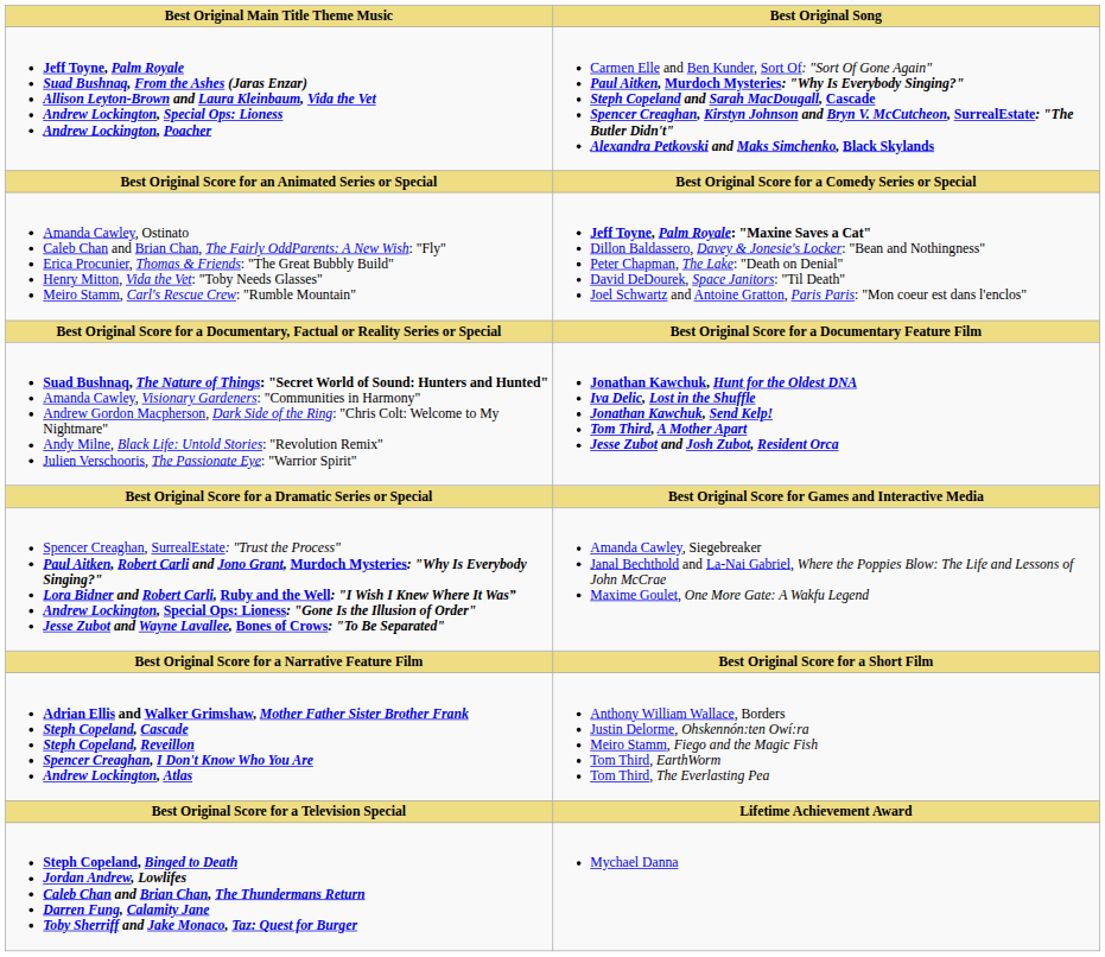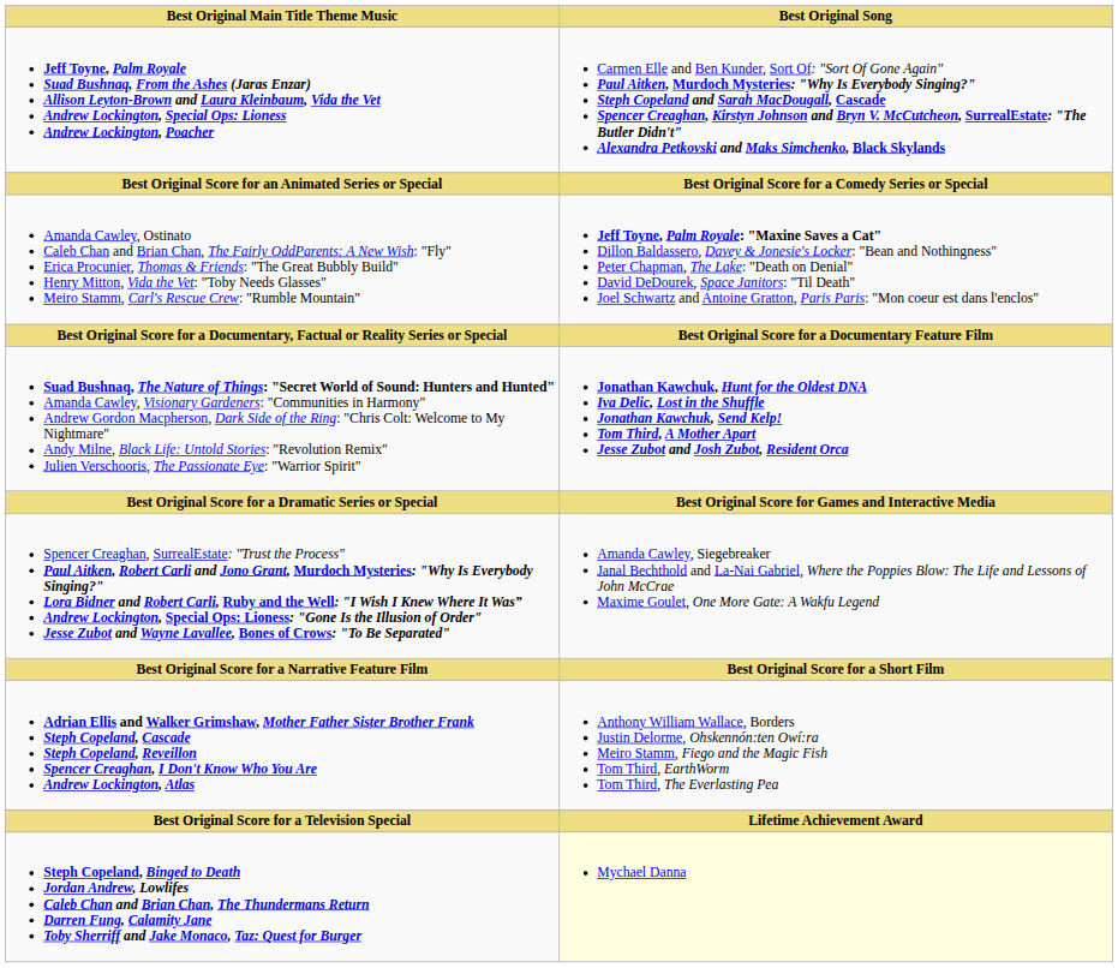 <table class=wikitable width="100%">
 <tr>
 <th style="background:#EEDD82; width:50%">Best Original Main Title Theme Music</th>
 <th style="background:#EEDD82; width:50%">Best Original Song</th>
 </tr>
 <tr>
 <td valign="top"><br><ul><li> <strong><a href='#'>Jeff Toyne</a>, <em><a href='#'>Palm Royale</a><strong><em></li><li><a href='#'>Suad Bushnaq</a>, </em><a href='#'>From the Ashes</a> (Jaras Enzar)<em></li><li><a href='#'>Allison Leyton-Brown</a> and <a href='#'>Laura Kleinbaum</a>, </em><a href='#'>Vida the Vet</a><em></li><li><a href='#'>Andrew Lockington</a>, </em><a href='#'>Special Ops: Lioness</a><em></li><li><a href='#'>Andrew Lockington</a>, </em><a href='#'>Poacher</a><em></li></ul></td>
 <td valign="top"><br><ul><li> </strong><a href='#'>Carmen Elle</a> and <a href='#'>Ben Kunder</a>, </em><a href='#'>Sort Of</a><em>: "Sort Of Gone Again"<strong></li><li><a href='#'>Paul Aitken</a>, </em><a href='#'>Murdoch Mysteries</a><em>: "Why Is Everybody Singing?"</li><li><a href='#'>Steph Copeland</a> and <a href='#'>Sarah MacDougall</a>, </em><a href='#'>Cascade</a><em></li><li><a href='#'>Spencer Creaghan</a>, <a href='#'>Kirstyn Johnson</a> and <a href='#'>Bryn V. McCutcheon</a>, </em><a href='#'>SurrealEstate</a><em>: "The Butler Didn't"</li><li><a href='#'>Alexandra Petkovski</a> and <a href='#'>Maks Simchenko</a>, </em><a href='#'>Black Skylands</a><em></li></ul></td>
 </tr>
 <tr>
 <th style="background:#EEDD82; width:50%">Best Original Score for an Animated Series or Special</th>
 <th style="background:#EEDD82; width:50%">Best Original Score for a Comedy Series or Special</th>
 </tr>
 <tr>
 <td valign="top"><br><ul><li> </strong><a href='#'>Amanda Cawley</a>, </em>Ostinato</em></strong></li><li><a href='#'>Caleb Chan</a> and <a href='#'>Brian Chan</a>, <em><a href='#'>The Fairly OddParents: A New Wish</a></em>: "Fly"</li><li><a href='#'>Erica Procunier</a>, <em><a href='#'>Thomas & Friends</a></em>: "The Great Bubbly Build"</li><li><a href='#'>Henry Mitton</a>, <em><a href='#'>Vida the Vet</a></em>: "Toby Needs Glasses"</li><li><a href='#'>Meiro Stamm</a>, <em><a href='#'>Carl's Rescue Crew</a></em>: "Rumble Mountain"</li></ul></td>
 <td valign="top"><br><ul><li> <strong><a href='#'>Jeff Toyne</a>, <em><a href='#'>Palm Royale</a></em>: "Maxine Saves a Cat"</strong></li><li><a href='#'>Dillon Baldassero</a>, <em><a href='#'>Davey & Jonesie's Locker</a></em>: "Bean and Nothingness"</li><li><a href='#'>Peter Chapman</a>, <em><a href='#'>The Lake</a></em>: "Death on Denial"</li><li><a href='#'>David DeDourek</a>, <em><a href='#'>Space Janitors</a></em>: "Til Death"</li><li><a href='#'>Joel Schwartz</a> and <a href='#'>Antoine Gratton</a>, <em><a href='#'>Paris Paris</a></em>: "Mon coeur est dans l'enclos"</li></ul></td>
 </tr>
 <tr>
 <th style="background:#EEDD82; width:50%">Best Original Score for a Documentary, Factual or Reality Series or Special</th>
 <th style="background:#EEDD82; width:50%">Best Original Score for a Documentary Feature Film</th>
 </tr>
 <tr>
 <td valign="top"><br><ul><li> <strong><a href='#'>Suad Bushnaq</a>, <em><a href='#'>The Nature of Things</a></em>: "Secret World of Sound: Hunters and Hunted"</strong></li><li><a href='#'>Amanda Cawley</a>, <em><a href='#'>Visionary Gardeners</a></em>: "Communities in Harmony"</li><li><a href='#'>Andrew Gordon Macpherson</a>, <em><a href='#'>Dark Side of the Ring</a></em>: "Chris Colt: Welcome to My Nightmare"</li><li><a href='#'>Andy Milne</a>, <em><a href='#'>Black Life: Untold Stories</a></em>: "Revolution Remix"</li><li><a href='#'>Julien Verschooris</a>, <em><a href='#'>The Passionate Eye</a></em>: "Warrior Spirit"</li></ul></td>
 <td valign="top"><br><ul><li> <strong><a href='#'>Jonathan Kawchuk</a>, <em><a href='#'>Hunt for the Oldest DNA</a><strong><em></li><li><a href='#'>Iva Delic</a>, </em><a href='#'>Lost in the Shuffle</a><em></li><li><a href='#'>Jonathan Kawchuk</a>, </em><a href='#'>Send Kelp!</a><em></li><li><a href='#'>Tom Third</a>, </em><a href='#'>A Mother Apart</a><em></li><li><a href='#'>Jesse Zubot</a> and <a href='#'>Josh Zubot</a>, </em><a href='#'>Resident Orca</a><em></li></ul></td>
 </tr>
 <tr>
 <th style="background:#EEDD82; width:50%">Best Original Score for a Dramatic Series or Special</th>
 <th style="background:#EEDD82; width:50%">Best Original Score for Games and Interactive Media</th>
 </tr>
 <tr>
 <td valign="top"><br><ul><li> </strong><a href='#'>Spencer Creaghan</a>, </em><a href='#'>SurrealEstate</a><em>: "Trust the Process"<strong></li><li><a href='#'>Paul Aitken</a>, <a href='#'>Robert Carli</a> and <a href='#'>Jono Grant</a>, </em><a href='#'>Murdoch Mysteries</a><em>: "Why Is Everybody Singing?"</li><li><a href='#'>Lora Bidner</a> and <a href='#'>Robert Carli</a>, </em><a href='#'>Ruby and the Well</a><em>: "I Wish I Knew Where It Was”</li><li><a href='#'>Andrew Lockington</a>, </em><a href='#'>Special Ops: Lioness</a><em>: "Gone Is the Illusion of Order"</li><li><a href='#'>Jesse Zubot</a> and <a href='#'>Wayne Lavallee</a>, </em><a href='#'>Bones of Crows</a><em>: "To Be Separated"</li></ul></td>
 <td valign="top"><br><ul><li> </strong><a href='#'>Amanda Cawley</a>, </em>Siegebreaker</em></strong></li><li><a href='#'>Janal Bechthold</a> and <a href='#'>La-Nai Gabriel</a>, <em>Where the Poppies Blow: The Life and Lessons of John McCrae</em></li><li><a href='#'>Maxime Goulet</a>, <em>One More Gate: A Wakfu Legend</em></li></ul></td>
 </tr>
 <tr>
 <th style="background:#EEDD82; width:50%">Best Original Score for a Narrative Feature Film</th>
 <th style="background:#EEDD82; width:50%">Best Original Score for a Short Film</th>
 </tr>
 <tr>
 <td valign="top"><br><ul><li> <strong><a href='#'>Adrian Ellis</a> and <a href='#'>Walker Grimshaw</a>, <em><a href='#'>Mother Father Sister Brother Frank</a><strong><em></li><li><a href='#'>Steph Copeland</a>, </em><a href='#'>Cascade</a><em></li><li><a href='#'>Steph Copeland</a>, </em><a href='#'>Reveillon</a><em></li><li><a href='#'>Spencer Creaghan</a>, </em><a href='#'>I Don't Know Who You Are</a><em></li><li><a href='#'>Andrew Lockington</a>, </em><a href='#'>Atlas</a><em></li></ul></td>
 <td valign="top"><br><ul><li> </strong><a href='#'>Anthony William Wallace</a>, </em>Borders</em></strong></li><li><a href='#'>Justin Delorme</a>, <em>Ohskennón:ten Owí:ra</em></li><li><a href='#'>Meiro Stamm</a>, <em>Fiego and the Magic Fish</em></li><li><a href='#'>Tom Third</a>, <em>EarthWorm</em></li><li><a href='#'>Tom Third</a>, <em>The Everlasting Pea</em></li></ul></td>
 </tr>
 <tr>
 <th style="background:#EEDD82; width:50%">Best Original Score for a Television Special</th>
 <th style="background:#EEDD82; width:50%">Lifetime Achievement Award</th>
 </tr>
 <tr>
 <td valign="top"><br><ul><li> <strong><a href='#'>Steph Copeland</a>, <em><a href='#'>Binged to Death</a><strong><em></li><li><a href='#'>Jordan Andrew</a>, </em>Lowlifes<em></li><li><a href='#'>Caleb Chan</a> and <a href='#'>Brian Chan</a>, </em><a href='#'>The Thundermans Return</a><em></li><li><a href='#'>Darren Fung</a>, </em><a href='#'>Calamity Jane</a><em></li><li><a href='#'>Toby Sherriff</a> and <a href='#'>Jake Monaco</a>, </em><a href='#'>Taz: Quest for Burger</a><em></li></ul></td>
-<td valign="top"><br><ul><li> </strong><a href='#'>Mychael Danna</a><strong></li></ul></td>
+<td valign="top" style="background: lightyellow;"><br><ul><li> </strong><a href='#'>Mychael Danna</a><strong></li></ul></td>
 </tr>
 </table>
